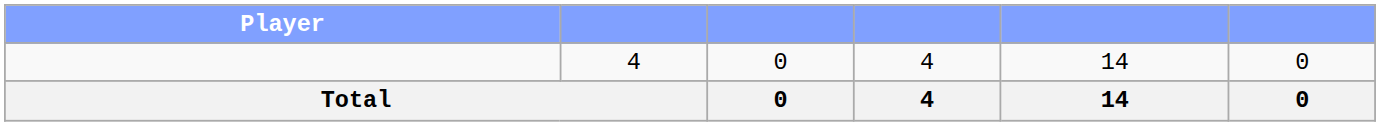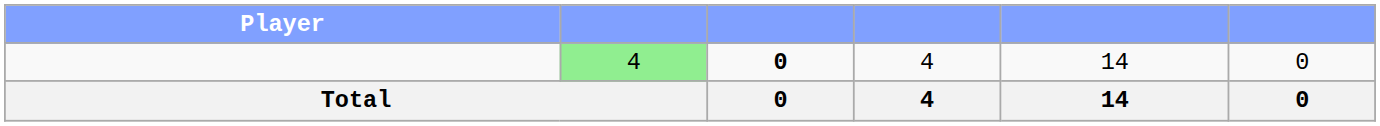 <table class="wikitable sortable" style="width:60%; text-align:center;">
 <tr>
 <th style="color:white; background:#80A0FF; ">Player</th>
 <th style="color:white; background:#80A0FF; "></th>
 <th style="color:white; background:#80A0FF; "></th>
 <th style="color:white; background:#80A0FF; "></th>
 <th style="color:white; background:#80A0FF; "></th>
 <th style="color:white; background:#80A0FF; "></th>
 </tr>
 <tr>
 <td></td>
-<td>4</td>
-<td>0</td>
+<td style="background: lightgreen;">4</td>
+<td><strong>0</strong></td>
 <td>4</td>
 <td>14</td>
 <td>0</td>
 </tr>
 <tr class="sortbottom">
 <th colspan=2>Total</th>
 <th>0</th>
 <th>4</th>
 <th>14</th>
 <th>0</th>
 </tr>
 </table>
